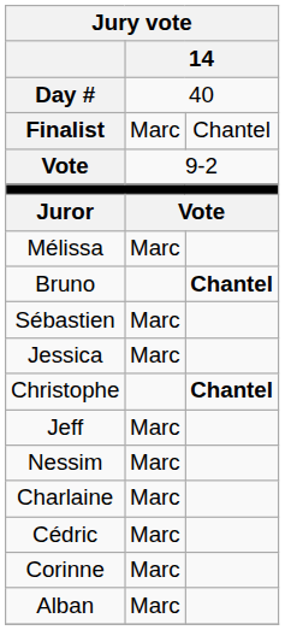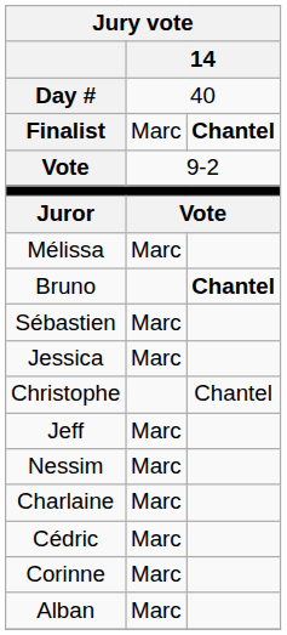 <table class="wikitable" style="text-align:center">
 <tr>
 <th colspan=3>Jury vote</th>
 </tr>
 <tr>
 <th></th>
 <th colspan="2">14</th>
 </tr>
 <tr>
 <th>Day #</th>
 <td colspan="2">40</td>
 </tr>
 <tr>
 <th>Finalist</th>
 <td>Marc</td>
-<td>Chantel</td>
+<td><strong>Chantel</strong></td>
 </tr>
 <tr>
 <th>Vote</th>
 <td colspan=2>9-2</td>
 </tr>
 <tr>
 <td colspan=13 bgcolor=black></td>
 </tr>
 <tr>
 <th>Juror</th>
 <th colspan=2>Vote</th>
 </tr>
 <tr>
 <td>Mélissa</td>
 <td>Marc</td>
 <td></td>
 </tr>
 <tr>
 <td>Bruno</td>
 <td></td>
 <td><strong>Chantel</strong></td>
 </tr>
 <tr>
 <td>Sébastien</td>
 <td>Marc</td>
 <td></td>
 </tr>
 <tr>
 <td>Jessica</td>
 <td>Marc</td>
 <td></td>
 </tr>
 <tr>
 <td>Christophe</td>
 <td></td>
-<td><strong>Chantel</strong></td>
+<td>Chantel</td>
 </tr>
 <tr>
 <td>Jeff</td>
 <td>Marc</td>
 <td></td>
 </tr>
 <tr>
 <td>Nessim</td>
 <td>Marc</td>
 <td></td>
 </tr>
 <tr>
 <td>Charlaine</td>
 <td>Marc</td>
 <td></td>
 </tr>
 <tr>
 <td>Cédric</td>
 <td>Marc</td>
 <td></td>
 </tr>
 <tr>
 <td>Corinne</td>
 <td>Marc</td>
 <td></td>
 </tr>
 <tr>
 <td>Alban</td>
 <td>Marc</td>
 <td></td>
 </tr>
 <tr>
 </tr>
 </table>
